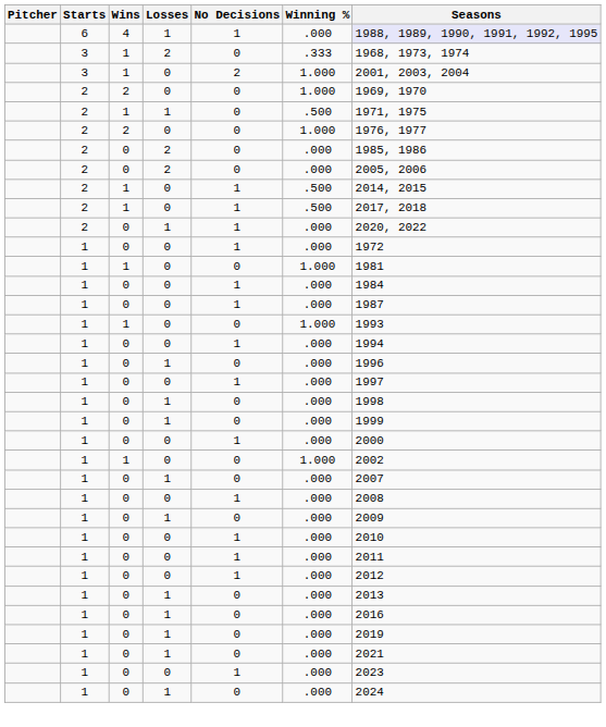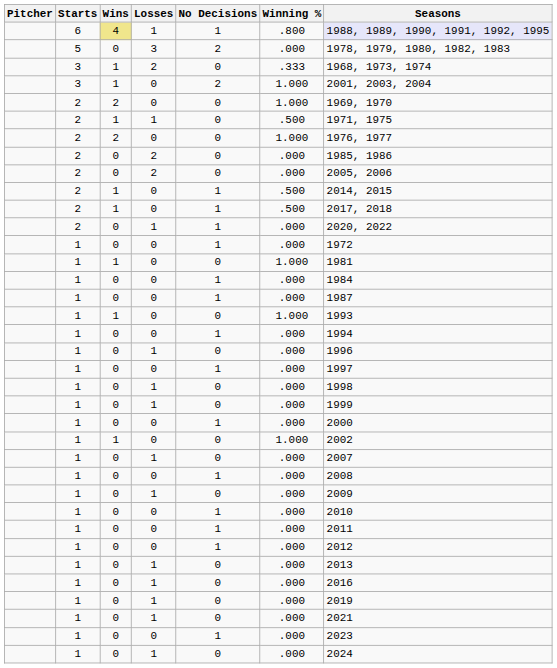 <table class="wikitable sortable">
 <tr>
 <th>Pitcher</th>
 <th>Starts</th>
 <th>Wins</th>
 <th>Losses</th>
 <th>No Decisions</th>
 <th>Winning %</th>
 <th>Seasons</th>
 </tr>
 <tr>
 <td></td>
 <td align="center">6</td>
-<td align="center">4</td>
+<td align="center" style="background: khaki;">4</td>
 <td align="center">1</td>
 <td align="center">1</td>
+<td align="center">.800</td>
+<td style="background: lavender;">1988, 1989, 1990, 1991, 1992, 1995</td>
+</tr>
+<tr>
+<td></td>
+<td align="center">5</td>
+<td align="center">0</td>
+<td align="center">3</td>
+<td align="center">2</td>
 <td align="center">.000</td>
-<td style="background: lavender;">1988, 1989, 1990, 1991, 1992, 1995</td>
+<td>1978, 1979, 1980, 1982, 1983</td>
 </tr>
 <tr>
 <td></td>
 <td align="center">3</td>
 <td align="center">1</td>
 <td align="center">2</td>
 <td align="center">0</td>
 <td align="center">.333</td>
 <td>1968, 1973, 1974</td>
 </tr>
 <tr>
 <td></td>
 <td align="center">3</td>
 <td align="center">1</td>
 <td align="center">0</td>
 <td align="center">2</td>
 <td align="center">1.000</td>
 <td>2001, 2003, 2004</td>
 </tr>
 <tr>
 <td></td>
 <td align="center">2</td>
 <td align="center">2</td>
 <td align="center">0</td>
 <td align="center">0</td>
 <td align="center">1.000</td>
 <td>1969, 1970</td>
 </tr>
 <tr>
 <td></td>
 <td align="center">2</td>
 <td align="center">1</td>
 <td align="center">1</td>
 <td align="center">0</td>
 <td align="center">.500</td>
 <td>1971, 1975</td>
 </tr>
 <tr>
 <td></td>
 <td align="center">2</td>
 <td align="center">2</td>
 <td align="center">0</td>
 <td align="center">0</td>
 <td align="center">1.000</td>
 <td>1976, 1977</td>
 </tr>
 <tr>
 <td></td>
 <td align="center">2</td>
 <td align="center">0</td>
 <td align="center">2</td>
 <td align="center">0</td>
 <td align="center">.000</td>
 <td>1985, 1986</td>
 </tr>
 <tr>
 <td></td>
 <td align="center">2</td>
 <td align="center">0</td>
 <td align="center">2</td>
 <td align="center">0</td>
 <td align="center">.000</td>
 <td>2005, 2006</td>
 </tr>
 <tr>
 <td></td>
 <td align="center">2</td>
 <td align="center">1</td>
 <td align="center">0</td>
 <td align="center">1</td>
 <td align="center">.500</td>
 <td>2014, 2015</td>
 </tr>
 <tr>
 <td></td>
 <td align="center">2</td>
 <td align="center">1</td>
 <td align="center">0</td>
 <td align="center">1</td>
 <td align="center">.500</td>
 <td>2017, 2018</td>
 </tr>
 <tr>
 <td></td>
 <td align="center">2</td>
 <td align="center">0</td>
 <td align="center">1</td>
 <td align="center">1</td>
 <td align="center">.000</td>
 <td>2020, 2022</td>
 </tr>
 <tr>
 <td></td>
 <td align="center">1</td>
 <td align="center">0</td>
 <td align="center">0</td>
 <td align="center">1</td>
 <td align="center">.000</td>
 <td>1972</td>
 </tr>
 <tr>
 <td></td>
 <td align="center">1</td>
 <td align="center">1</td>
 <td align="center">0</td>
 <td align="center">0</td>
 <td align="center">1.000</td>
 <td>1981</td>
 </tr>
 <tr>
 <td></td>
 <td align="center">1</td>
 <td align="center">0</td>
 <td align="center">0</td>
 <td align="center">1</td>
 <td align="center">.000</td>
 <td>1984</td>
 </tr>
 <tr>
 <td></td>
 <td align="center">1</td>
 <td align="center">0</td>
 <td align="center">0</td>
 <td align="center">1</td>
 <td align="center">.000</td>
 <td>1987</td>
 </tr>
 <tr>
 <td></td>
 <td align="center">1</td>
 <td align="center">1</td>
 <td align="center">0</td>
 <td align="center">0</td>
 <td align="center">1.000</td>
 <td>1993</td>
 </tr>
 <tr>
 <td></td>
 <td align="center">1</td>
 <td align="center">0</td>
 <td align="center">0</td>
 <td align="center">1</td>
 <td align="center">.000</td>
 <td>1994</td>
 </tr>
 <tr>
 <td></td>
 <td align="center">1</td>
 <td align="center">0</td>
 <td align="center">1</td>
 <td align="center">0</td>
 <td align="center">.000</td>
 <td>1996</td>
 </tr>
 <tr>
 <td></td>
 <td align="center">1</td>
 <td align="center">0</td>
 <td align="center">0</td>
 <td align="center">1</td>
 <td align="center">.000</td>
 <td>1997</td>
 </tr>
 <tr>
 <td></td>
 <td align="center">1</td>
 <td align="center">0</td>
 <td align="center">1</td>
 <td align="center">0</td>
 <td align="center">.000</td>
 <td>1998</td>
 </tr>
 <tr>
 <td></td>
 <td align="center">1</td>
 <td align="center">0</td>
 <td align="center">1</td>
 <td align="center">0</td>
 <td align="center">.000</td>
 <td>1999</td>
 </tr>
 <tr>
 <td></td>
 <td align="center">1</td>
 <td align="center">0</td>
 <td align="center">0</td>
 <td align="center">1</td>
 <td align="center">.000</td>
 <td>2000</td>
 </tr>
 <tr>
 <td></td>
 <td align="center">1</td>
 <td align="center">1</td>
 <td align="center">0</td>
 <td align="center">0</td>
 <td align="center">1.000</td>
 <td>2002</td>
 </tr>
 <tr>
 <td></td>
 <td align="center">1</td>
 <td align="center">0</td>
 <td align="center">1</td>
 <td align="center">0</td>
 <td align="center">.000</td>
 <td>2007</td>
 </tr>
 <tr>
 <td></td>
 <td align="center">1</td>
 <td align="center">0</td>
 <td align="center">0</td>
 <td align="center">1</td>
 <td align="center">.000</td>
 <td>2008</td>
 </tr>
 <tr>
 <td></td>
 <td align="center">1</td>
 <td align="center">0</td>
 <td align="center">1</td>
 <td align="center">0</td>
 <td align="center">.000</td>
 <td>2009</td>
 </tr>
 <tr>
 <td></td>
 <td align="center">1</td>
 <td align="center">0</td>
 <td align="center">0</td>
 <td align="center">1</td>
 <td align="center">.000</td>
 <td>2010</td>
 </tr>
 <tr>
 <td></td>
 <td align="center">1</td>
 <td align="center">0</td>
 <td align="center">0</td>
 <td align="center">1</td>
 <td align="center">.000</td>
 <td>2011</td>
 </tr>
 <tr>
 <td></td>
 <td align="center">1</td>
 <td align="center">0</td>
 <td align="center">0</td>
 <td align="center">1</td>
 <td align="center">.000</td>
 <td>2012</td>
 </tr>
 <tr>
 <td></td>
 <td align="center">1</td>
 <td align="center">0</td>
 <td align="center">1</td>
 <td align="center">0</td>
 <td align="center">.000</td>
 <td>2013</td>
 </tr>
 <tr>
 <td></td>
 <td align="center">1</td>
 <td align="center">0</td>
 <td align="center">1</td>
 <td align="center">0</td>
 <td align="center">.000</td>
 <td>2016</td>
 </tr>
 <tr>
 <td></td>
 <td align="center">1</td>
 <td align="center">0</td>
 <td align="center">1</td>
 <td align="center">0</td>
 <td align="center">.000</td>
 <td>2019</td>
 </tr>
 <tr>
 <td></td>
 <td align="center">1</td>
 <td align="center">0</td>
 <td align="center">1</td>
 <td align="center">0</td>
 <td align="center">.000</td>
 <td>2021</td>
 </tr>
 <tr>
 <td></td>
 <td align="center">1</td>
 <td align="center">0</td>
 <td align="center">0</td>
 <td align="center">1</td>
 <td align="center">.000</td>
 <td>2023</td>
 </tr>
 <tr>
 <td></td>
 <td align="center">1</td>
 <td align="center">0</td>
 <td align="center">1</td>
 <td align="center">0</td>
 <td align="center">.000</td>
 <td>2024</td>
 </tr>
 </table>
